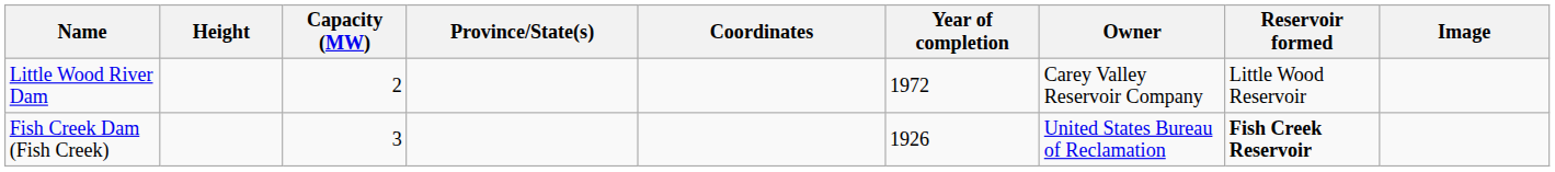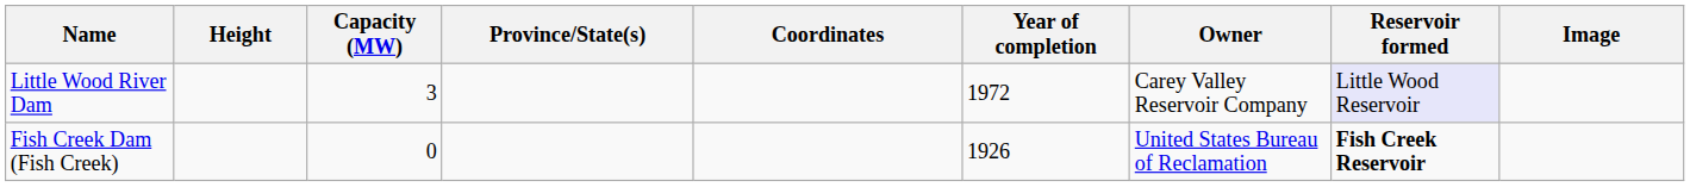 <table class="wikitable sortable" border="1">
 <tr>
 <th width="10%">Name</th>
 <th width="8%">Height</th>
 <th width="8%">Capacity (<a href='#'>MW</a>)</th>
 <th width="15%">Province/State(s)</th>
 <th width="16%">Coordinates</th>
 <th width="10%">Year of completion</th>
 <th width="12%">Owner</th>
 <th width="10%">Reservoir formed</th>
 <th>Image</th>
 </tr>
 <tr>
 <td><a href='#'>Little Wood River Dam</a></td>
 <td></td>
-<td align="right">2</td>
+<td align="right">3</td>
 <td></td>
 <td></td>
 <td>1972</td>
 <td>Carey Valley Reservoir Company</td>
-<td>Little Wood Reservoir</td>
+<td style="background: lavender;">Little Wood Reservoir</td>
 <td><br></td>
 </tr>
 <tr>
 <td><a href='#'>Fish Creek Dam</a> (Fish Creek)</td>
 <td></td>
-<td align="right">3</td>
+<td align="right">0</td>
 <td></td>
 <td></td>
 <td>1926</td>
 <td><a href='#'>United States Bureau of Reclamation</a></td>
 <td><strong>Fish Creek Reservoir</strong></td>
 <td></td>
 </tr>
 </table>
